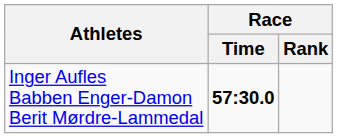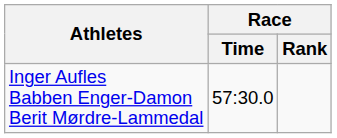 <table class="wikitable" border="1" style="font-size:90%">
 <tr>
 <th rowspan=2>Athletes</th>
 <th colspan=2>Race</th>
 </tr>
 <tr>
 <th>Time</th>
 <th>Rank</th>
 </tr>
 <tr>
 <td><a href='#'>Inger Aufles</a><br><a href='#'>Babben Enger-Damon</a><br><a href='#'>Berit Mørdre-Lammedal</a></td>
-<td align=center><strong>57:30.0</strong></td>
+<td align=center>57:30.0</td>
 <td align=center></td>
 </tr>
 </table>
